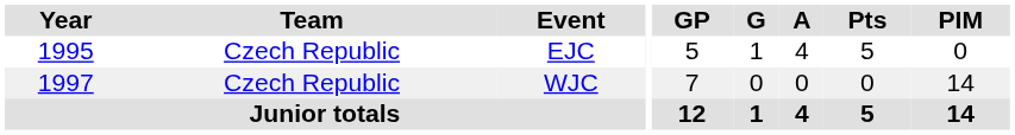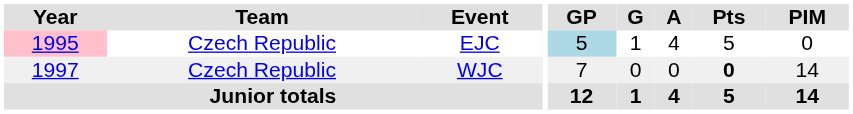 <table border="0" cellpadding="1" cellspacing="0" ID="Table3" style="text-align:center; width:40em">
 <tr ALIGN="center" bgcolor="#e0e0e0">
 <th>Year</th>
 <th>Team</th>
 <th>Event</th>
 <th rowspan="99" bgcolor="#ffffff"></th>
 <th>GP</th>
 <th>G</th>
 <th>A</th>
 <th>Pts</th>
 <th>PIM</th>
 </tr>
 <tr>
-<td><a href='#'>1995</a></td>
+<td style="background: pink;"><a href='#'>1995</a></td>
 <td><a href='#'>Czech Republic</a></td>
 <td><a href='#'>EJC</a></td>
-<td>5</td>
+<td style="background: lightblue;">5</td>
 <td>1</td>
 <td>4</td>
 <td>5</td>
 <td>0</td>
 </tr>
 <tr bgcolor="#f0f0f0">
 <td><a href='#'>1997</a></td>
 <td><a href='#'>Czech Republic</a></td>
 <td><a href='#'>WJC</a></td>
 <td>7</td>
 <td>0</td>
 <td>0</td>
-<td>0</td>
+<td><strong>0</strong></td>
 <td>14</td>
 </tr>
 <tr bgcolor="#e0e0e0">
 <th colspan="3">Junior totals</th>
 <th>12</th>
 <th>1</th>
 <th>4</th>
 <th>5</th>
 <th>14</th>
 </tr>
 </table>
